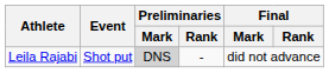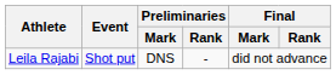 <table class=wikitable style="font-size:90%;">
 <tr>
 <th rowspan=2>Athlete</th>
 <th rowspan=2>Event</th>
 <th colspan=2>Preliminaries</th>
 <th colspan=2>Final</th>
 </tr>
 <tr>
 <th>Mark</th>
 <th>Rank</th>
 <th>Mark</th>
 <th>Rank</th>
 </tr>
 <tr>
 <td><a href='#'>Leila Rajabi</a></td>
 <td rowspan=2><a href='#'>Shot put</a></td>
-<td align="center" style="background: lightgrey;">DNS</td>
+<td align="center">DNS</td>
 <td align="center">-</td>
 <td colspan=2>did not advance</td>
 </tr>
 </table>
